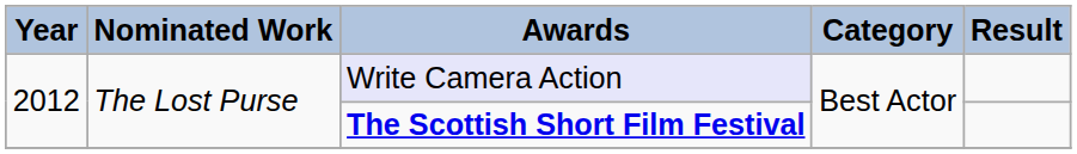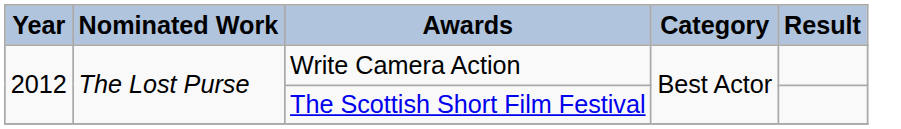 <table class="wikitable" style="font-size:90%">
 <tr style="text-align:center;">
 <th style="background:#B0C4DE;">Year</th>
 <th style="background:#B0C4DE;">Nominated Work</th>
 <th style="background:#B0C4DE;">Awards</th>
 <th style="background:#B0C4DE;">Category</th>
 <th style="background:#B0C4DE;">Result</th>
 </tr>
 <tr>
 <td rowspan="2">2012</td>
 <td rowspan="2"><em>The Lost Purse</em></td>
-<td style="background: lavender;">Write Camera Action</td>
+<td>Write Camera Action</td>
 <td rowspan="2">Best Actor</td>
 <td></td>
 </tr>
 <tr>
-<td><strong><a href='#'>The Scottish Short Film Festival</a></strong></td>
+<td><a href='#'>The Scottish Short Film Festival</a></td>
 <td></td>
 </tr>
 <tr>
 </tr>
 </table>
